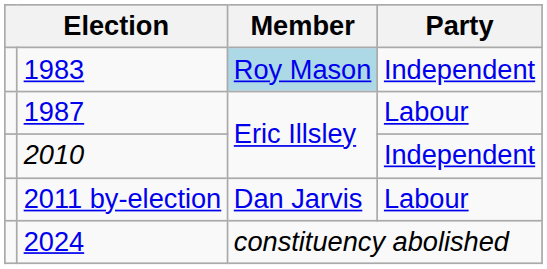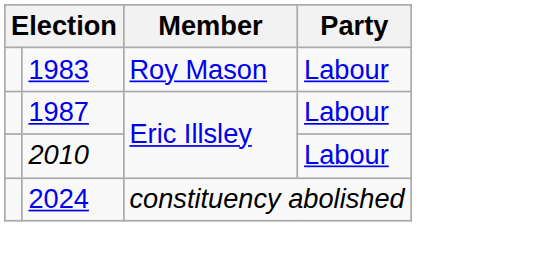 <table class="wikitable">
 <tr>
 <th colspan="2">Election</th>
 <th>Member</th>
 <th>Party</th>
 </tr>
 <tr>
 <td style="color:inherit;background-color: "></td>
 <td><a href='#'>1983</a></td>
-<td style="background: lightblue;"><a href='#'>Roy Mason</a></td>
-<td><a href='#'>Independent</a></td>
+<td><a href='#'>Roy Mason</a></td>
+<td><a href='#'>Labour</a></td>
 </tr>
 <tr>
 <td style="color:inherit;background-color: "></td>
 <td><a href='#'>1987</a></td>
 <td rowspan="2"><a href='#'>Eric Illsley</a></td>
 <td><a href='#'>Labour</a></td>
 </tr>
 <tr>
 <td style="color:inherit;background-color: "></td>
 <td><em>2010</em></td>
-<td><a href='#'>Independent</a></td>
-</tr>
-<tr>
-<td style="color:inherit;background-color: "></td>
-<td><a href='#'>2011 by-election</a></td>
-<td><a href='#'>Dan Jarvis</a></td>
 <td><a href='#'>Labour</a></td>
 </tr>
 <tr>
 <td></td>
 <td><a href='#'>2024</a></td>
 <td colspan="2"><em>constituency abolished</em></td>
 </tr>
 </table>
